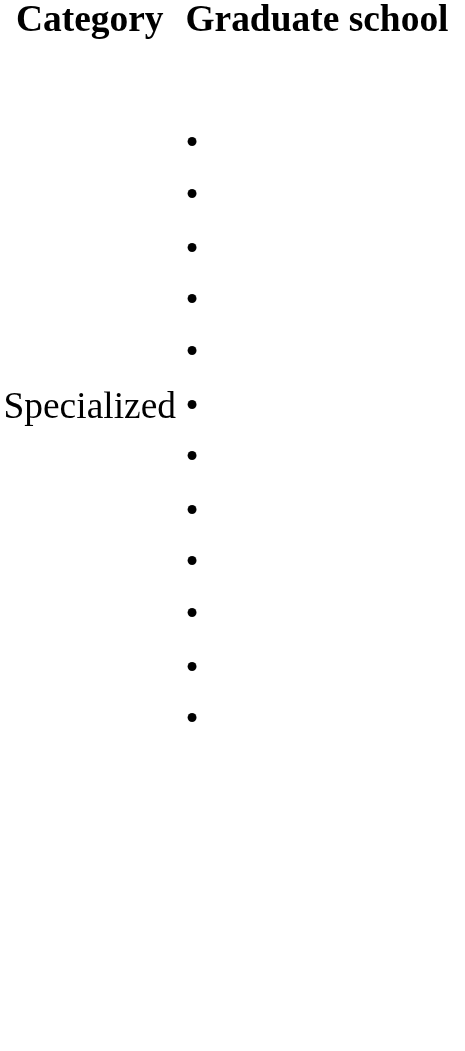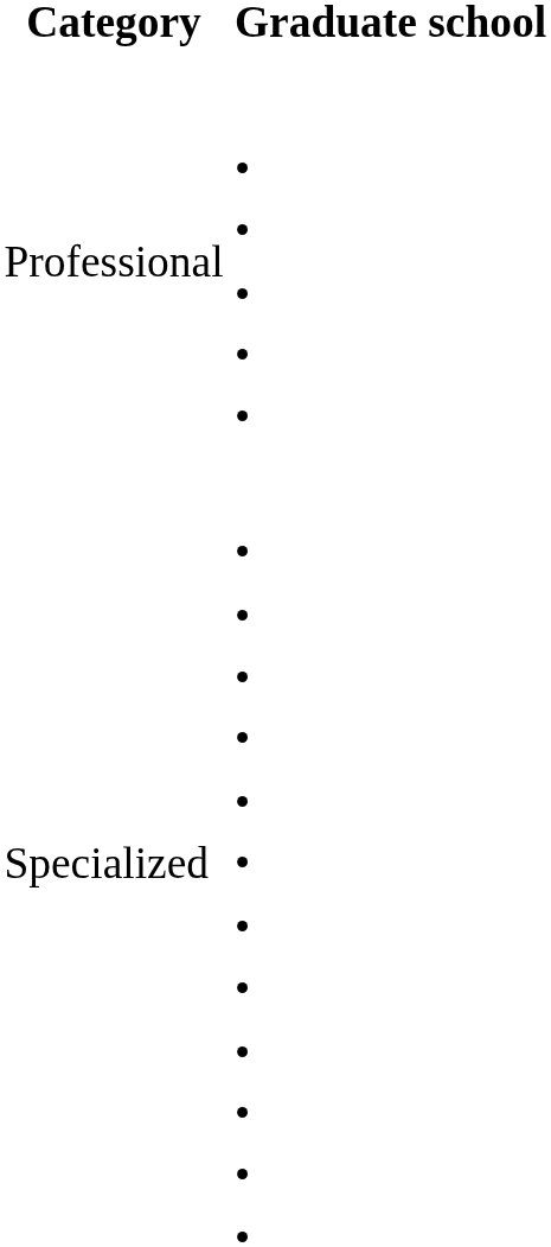 <table class="toccolours" style="margin-left:1em; line-height:1.4em">
 <tr>
 <th>Category</th>
 <th>Graduate school</th>
 </tr>
 <tr>
 <td></td>
 <td></td>
 </tr>
 <tr>
+<td>Professional</td>
+<td><br>• <br> • <br> • <br> • <br> • </td>
+</tr>
+<tr>
 <td>Specialized</td>
 <td><br>• <br> • <br> • <br> • <br> • <br> • <br> • <br> • <br> • <br> •  <br> • <br> • </td>
 </tr>
 </table>
